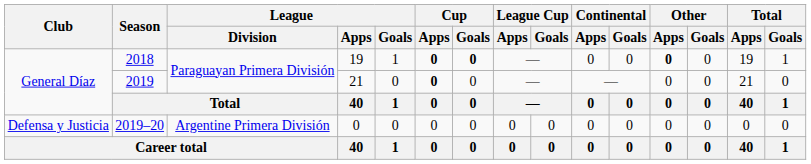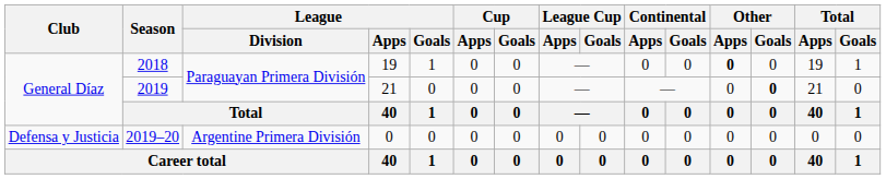 <table class="wikitable" style="text-align:center">
 <tr>
 <th rowspan="2">Club</th>
 <th rowspan="2">Season</th>
 <th colspan="3">League</th>
 <th colspan="2">Cup</th>
 <th colspan="2">League Cup</th>
 <th colspan="2">Continental</th>
 <th colspan="2">Other</th>
 <th colspan="2">Total</th>
 </tr>
 <tr>
 <th>Division</th>
 <th>Apps</th>
 <th>Goals</th>
 <th>Apps</th>
 <th>Goals</th>
 <th>Apps</th>
 <th>Goals</th>
 <th>Apps</th>
 <th>Goals</th>
 <th>Apps</th>
 <th>Goals</th>
 <th>Apps</th>
 <th>Goals</th>
 </tr>
 <tr>
 <td rowspan="3"><a href='#'>General Díaz</a></td>
 <td><a href='#'>2018</a></td>
 <td rowspan="2"><a href='#'>Paraguayan Primera División</a></td>
 <td>19</td>
 <td>1</td>
-<td><strong>0</strong></td>
-<td><strong>0</strong></td>
+<td>0</td>
+<td>0</td>
 <td colspan="2">—</td>
 <td>0</td>
 <td>0</td>
 <td><strong>0</strong></td>
 <td>0</td>
 <td>19</td>
 <td>1</td>
 </tr>
 <tr>
 <td><a href='#'>2019</a></td>
 <td>21</td>
 <td>0</td>
-<td><strong>0</strong></td>
+<td>0</td>
 <td>0</td>
 <td colspan="2">—</td>
 <td colspan="2">—</td>
 <td>0</td>
-<td>0</td>
+<td><strong>0</strong></td>
 <td>21</td>
 <td>0</td>
 </tr>
 <tr>
 <th colspan="2">Total</th>
 <th>40</th>
 <th>1</th>
 <th>0</th>
 <th>0</th>
 <th colspan="2">—</th>
 <th>0</th>
 <th>0</th>
 <th>0</th>
 <th>0</th>
 <th>40</th>
 <th>1</th>
 </tr>
 <tr>
 <td rowspan="1"><a href='#'>Defensa y Justicia</a></td>
 <td><a href='#'>2019–20</a></td>
 <td rowspan="1"><a href='#'>Argentine Primera División</a></td>
 <td>0</td>
 <td>0</td>
 <td>0</td>
 <td>0</td>
 <td>0</td>
 <td>0</td>
 <td>0</td>
 <td>0</td>
 <td>0</td>
 <td>0</td>
 <td>0</td>
 <td>0</td>
 </tr>
 <tr>
 <th colspan="3">Career total</th>
 <th>40</th>
 <th>1</th>
 <th>0</th>
 <th>0</th>
 <th>0</th>
 <th>0</th>
 <th>0</th>
 <th>0</th>
 <th>0</th>
 <th>0</th>
 <th>40</th>
 <th>1</th>
 </tr>
 </table>
